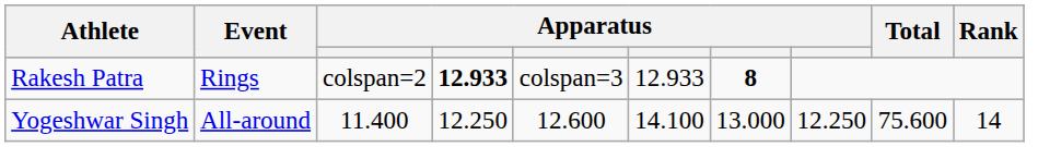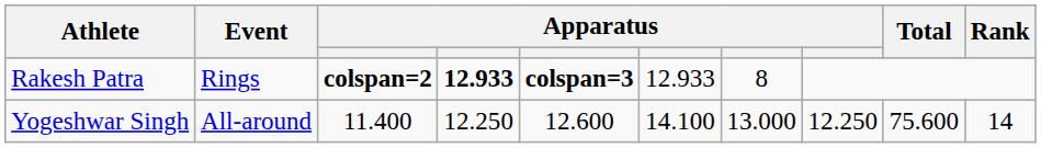 <table class=wikitable style=font-size:90%;text-align:center;>
 <tr>
 <th rowspan=2>Athlete</th>
 <th rowspan=2>Event</th>
 <th colspan=6>Apparatus</th>
 <th rowspan=2>Total</th>
 <th rowspan=2>Rank</th>
 </tr>
 <tr style="font-size:95%">
 <th></th>
 <th></th>
 <th></th>
 <th></th>
 <th></th>
 <th></th>
 </tr>
 <tr>
 <td align=left><a href='#'>Rakesh Patra</a></td>
 <td align=left><a href='#'>Rings</a></td>
-<td>colspan=2 </td>
+<td><strong>colspan=2 </strong></td>
 <td><strong>12.933</strong></td>
-<td>colspan=3 </td>
+<td><strong>colspan=3 </strong></td>
 <td>12.933</td>
-<td><strong>8</strong></td>
+<td>8</td>
 </tr>
 <tr>
 <td align=left><a href='#'>Yogeshwar Singh</a></td>
 <td align=left><a href='#'>All-around</a></td>
 <td>11.400</td>
 <td>12.250</td>
 <td>12.600</td>
 <td>14.100</td>
 <td>13.000</td>
 <td>12.250</td>
 <td>75.600</td>
 <td>14</td>
 </tr>
 </table>
